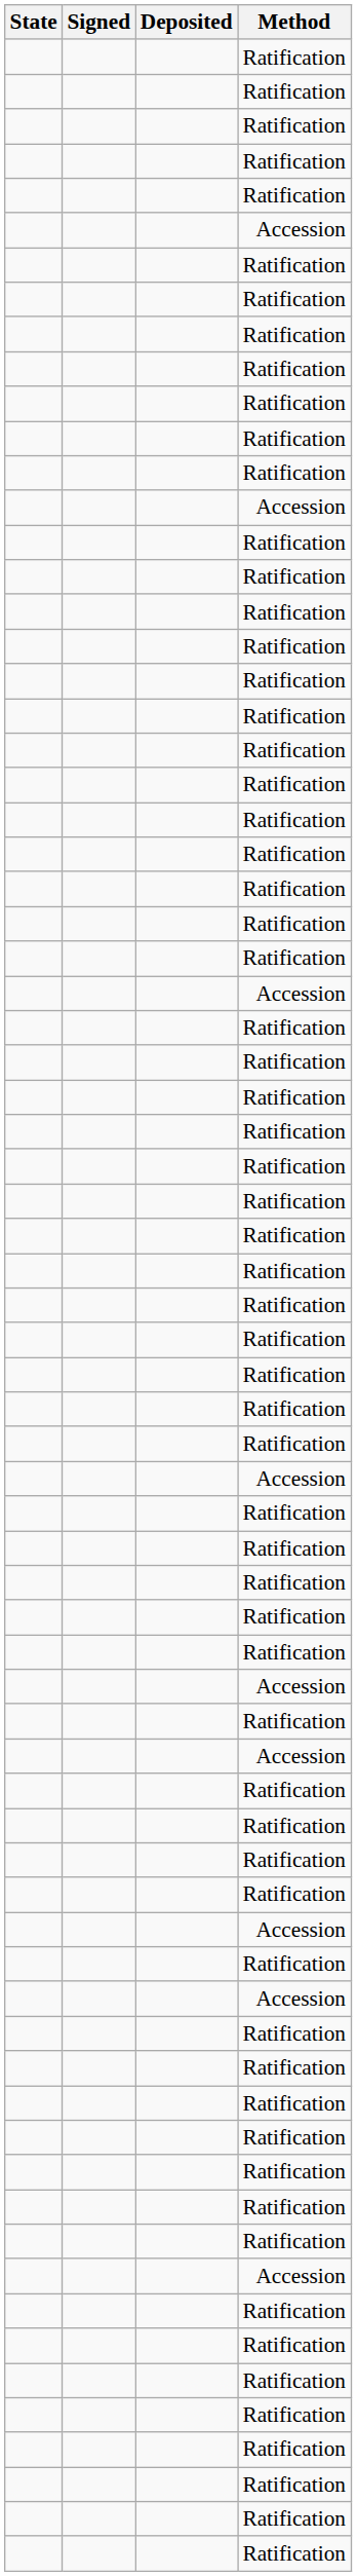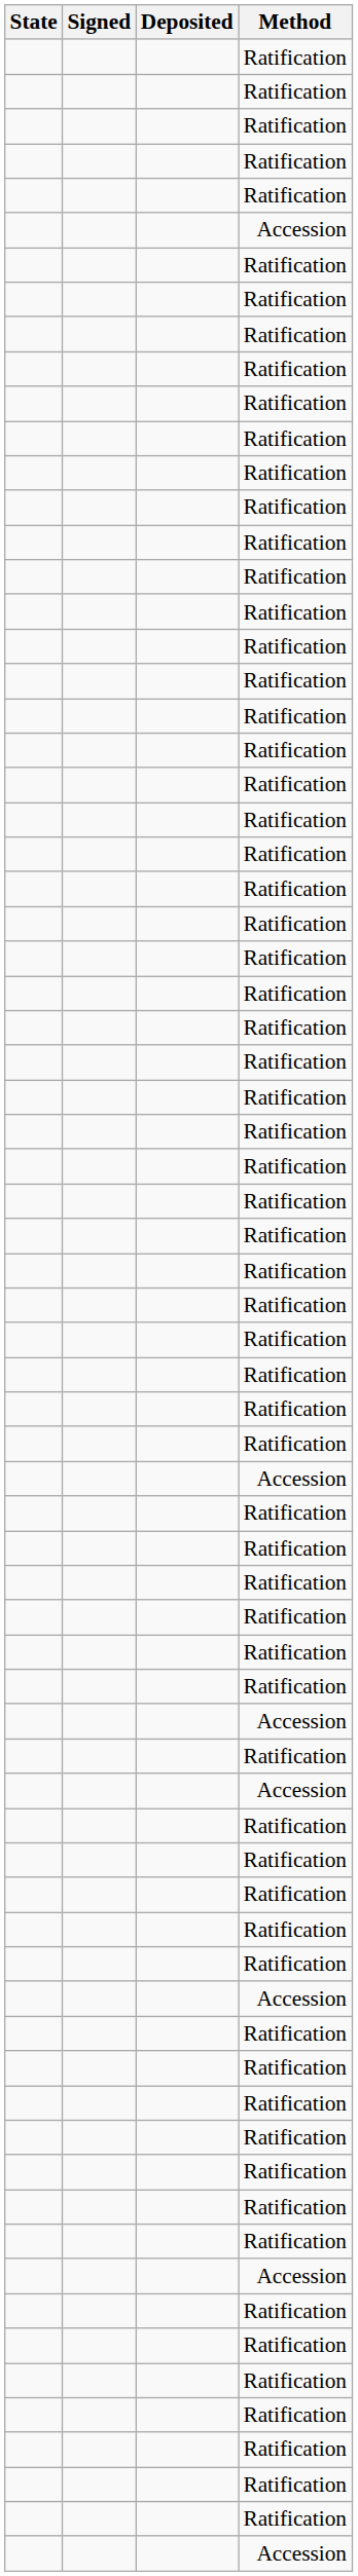 <table class="wikitable sortable" style="text-align:right">
 <tr>
 <th>State</th>
 <th>Signed</th>
 <th>Deposited</th>
 <th>Method</th>
+</tr>
+<tr>
+<td style="text-align:left"></td>
+<td></td>
+<td></td>
+<td>Ratification</td>
+</tr>
+<tr>
+<td style="text-align:left"></td>
+<td></td>
+<td></td>
+<td>Ratification</td>
+</tr>
+<tr>
+<td style="text-align:left"></td>
+<td></td>
+<td></td>
+<td>Ratification</td>
+</tr>
+<tr>
+<td style="text-align:left"></td>
+<td></td>
+<td></td>
+<td>Ratification</td>
+</tr>
+<tr>
+<td style="text-align:left"></td>
+<td></td>
+<td></td>
+<td>Ratification</td>
+</tr>
+<tr>
+<td style="text-align:left"></td>
+<td></td>
+<td></td>
+<td>Accession</td>
+</tr>
+<tr>
+<td style="text-align:left"></td>
+<td></td>
+<td></td>
+<td>Ratification</td>
+</tr>
+<tr>
+<td style="text-align:left"></td>
+<td></td>
+<td></td>
+<td>Ratification</td>
+</tr>
+<tr>
+<td style="text-align:left"></td>
+<td></td>
+<td></td>
+<td>Ratification</td>
+</tr>
+<tr>
+<td style="text-align:left"></td>
+<td></td>
+<td></td>
+<td>Ratification</td>
+</tr>
+<tr>
+<td style="text-align:left"></td>
+<td></td>
+<td></td>
+<td>Ratification</td>
+</tr>
+<tr>
+<td style="text-align:left"></td>
+<td></td>
+<td></td>
+<td>Ratification</td>
+</tr>
+<tr>
+<td style="text-align:left"></td>
+<td></td>
+<td></td>
+<td>Ratification</td>
+</tr>
+<tr>
+<td style="text-align:left"></td>
+<td></td>
+<td></td>
+<td>Ratification</td>
+</tr>
+<tr>
+<td style="text-align:left"></td>
+<td></td>
+<td></td>
+<td>Ratification</td>
+</tr>
+<tr>
+<td style="text-align:left"></td>
+<td></td>
+<td></td>
+<td>Ratification</td>
+</tr>
+<tr>
+<td style="text-align:left"></td>
+<td></td>
+<td></td>
+<td>Ratification</td>
+</tr>
+<tr>
+<td style="text-align:left"></td>
+<td></td>
+<td></td>
+<td>Ratification</td>
+</tr>
+<tr>
+<td style="text-align:left"></td>
+<td></td>
+<td></td>
+<td>Ratification</td>
+</tr>
+<tr>
+<td style="text-align:left"></td>
+<td></td>
+<td></td>
+<td>Ratification</td>
+</tr>
+<tr>
+<td style="text-align:left"></td>
+<td></td>
+<td></td>
+<td>Ratification</td>
+</tr>
+<tr>
+<td style="text-align:left"></td>
+<td></td>
+<td></td>
+<td>Ratification</td>
+</tr>
+<tr>
+<td style="text-align:left"></td>
+<td></td>
+<td></td>
+<td>Ratification</td>
+</tr>
+<tr>
+<td style="text-align:left"></td>
+<td></td>
+<td></td>
+<td>Ratification</td>
+</tr>
+<tr>
+<td style="text-align:left"></td>
+<td></td>
+<td></td>
+<td>Ratification</td>
+</tr>
+<tr>
+<td style="text-align:left"></td>
+<td></td>
+<td></td>
+<td>Ratification</td>
+</tr>
+<tr>
+<td style="text-align:left"></td>
+<td></td>
+<td></td>
+<td>Ratification</td>
+</tr>
+<tr>
+<td style="text-align:left"></td>
+<td></td>
+<td></td>
+<td>Ratification</td>
+</tr>
+<tr>
+<td style="text-align:left"></td>
+<td></td>
+<td></td>
+<td>Ratification</td>
+</tr>
+<tr>
+<td style="text-align:left"></td>
+<td></td>
+<td></td>
+<td>Ratification</td>
+</tr>
+<tr>
+<td style="text-align:left"></td>
+<td></td>
+<td></td>
+<td>Ratification</td>
+</tr>
+<tr>
+<td style="text-align:left"></td>
+<td></td>
+<td></td>
+<td>Ratification</td>
+</tr>
+<tr>
+<td style="text-align:left"></td>
+<td></td>
+<td></td>
+<td>Ratification</td>
+</tr>
+<tr>
+<td style="text-align:left"></td>
+<td></td>
+<td></td>
+<td>Ratification</td>
+</tr>
+<tr>
+<td style="text-align:left"></td>
+<td></td>
+<td></td>
+<td>Ratification</td>
+</tr>
+<tr>
+<td style="text-align:left"></td>
+<td></td>
+<td></td>
+<td>Ratification</td>
+</tr>
+<tr>
+<td style="text-align:left"></td>
+<td></td>
+<td></td>
+<td>Ratification</td>
+</tr>
+<tr>
+<td style="text-align:left"></td>
+<td></td>
+<td></td>
+<td>Ratification</td>
+</tr>
+<tr>
+<td style="text-align:left"></td>
+<td></td>
+<td></td>
+<td>Ratification</td>
+</tr>
+<tr>
+<td style="text-align:left"></td>
+<td></td>
+<td></td>
+<td>Ratification</td>
+</tr>
+<tr>
+<td style="text-align:left"></td>
+<td></td>
+<td></td>
+<td>Ratification</td>
+</tr>
+<tr>
+<td style="text-align:left"></td>
+<td></td>
+<td></td>
+<td>Accession</td>
+</tr>
+<tr>
+<td style="text-align:left"></td>
+<td></td>
+<td></td>
+<td>Ratification</td>
+</tr>
+<tr>
+<td style="text-align:left"></td>
+<td></td>
+<td></td>
+<td>Ratification</td>
+</tr>
+<tr>
+<td style="text-align:left"></td>
+<td></td>
+<td></td>
+<td>Ratification</td>
+</tr>
+<tr>
+<td style="text-align:left"></td>
+<td></td>
+<td></td>
+<td>Ratification</td>
+</tr>
+<tr>
+<td style="text-align:left"></td>
+<td></td>
+<td></td>
+<td>Ratification</td>
+</tr>
+<tr>
+<td style="text-align:left"></td>
+<td></td>
+<td></td>
+<td>Ratification</td>
+</tr>
+<tr>
+<td style="text-align:left"></td>
+<td></td>
+<td></td>
+<td>Accession</td>
+</tr>
+<tr>
+<td style="text-align:left"></td>
+<td></td>
+<td></td>
+<td>Ratification</td>
+</tr>
+<tr>
+<td style="text-align:left"></td>
+<td></td>
+<td></td>
+<td>Accession</td>
 </tr>
 <tr>
 <td style="text-align:left"></td>
 <td></td>
 <td></td>
 <td>Ratification</td>
 </tr>
 <tr>
 <td style="text-align:left"></td>
 <td></td>
 <td></td>
 <td>Ratification</td>
 </tr>
 <tr>
 <td style="text-align:left"></td>
 <td></td>
 <td></td>
 <td>Ratification</td>
 </tr>
 <tr>
 <td style="text-align:left"></td>
 <td></td>
 <td></td>
 <td>Ratification</td>
 </tr>
 <tr>
 <td style="text-align:left"></td>
 <td></td>
 <td></td>
 <td>Ratification</td>
 </tr>
 <tr>
 <td style="text-align:left"></td>
 <td></td>
 <td></td>
 <td>Accession</td>
 </tr>
 <tr>
 <td style="text-align:left"></td>
 <td></td>
 <td></td>
 <td>Ratification</td>
 </tr>
 <tr>
 <td style="text-align:left"></td>
 <td></td>
 <td></td>
 <td>Ratification</td>
 </tr>
 <tr>
 <td style="text-align:left"></td>
 <td></td>
 <td></td>
 <td>Ratification</td>
 </tr>
 <tr>
 <td style="text-align:left"></td>
 <td></td>
 <td></td>
 <td>Ratification</td>
 </tr>
 <tr>
 <td style="text-align:left"></td>
 <td></td>
 <td></td>
 <td>Ratification</td>
 </tr>
 <tr>
 <td style="text-align:left"></td>
 <td></td>
 <td></td>
 <td>Ratification</td>
 </tr>
 <tr>
 <td style="text-align:left"></td>
 <td></td>
 <td></td>
 <td>Ratification</td>
 </tr>
 <tr>
 <td style="text-align:left"></td>
 <td></td>
 <td></td>
 <td>Accession</td>
 </tr>
 <tr>
 <td style="text-align:left"></td>
 <td></td>
 <td></td>
 <td>Ratification</td>
 </tr>
 <tr>
 <td style="text-align:left"></td>
 <td></td>
 <td></td>
 <td>Ratification</td>
 </tr>
 <tr>
 <td style="text-align:left"></td>
 <td></td>
 <td></td>
 <td>Ratification</td>
 </tr>
 <tr>
 <td style="text-align:left"></td>
 <td></td>
 <td></td>
 <td>Ratification</td>
 </tr>
 <tr>
 <td style="text-align:left"></td>
 <td></td>
 <td></td>
 <td>Ratification</td>
 </tr>
 <tr>
 <td style="text-align:left"></td>
 <td></td>
 <td></td>
 <td>Ratification</td>
 </tr>
 <tr>
 <td style="text-align:left"></td>
 <td></td>
 <td></td>
 <td>Ratification</td>
 </tr>
 <tr>
 <td style="text-align:left"></td>
 <td></td>
 <td></td>
-<td>Ratification</td>
-</tr>
-<tr>
-<td style="text-align:left"></td>
-<td></td>
-<td></td>
-<td>Ratification</td>
-</tr>
-<tr>
-<td style="text-align:left"></td>
-<td></td>
-<td></td>
-<td>Ratification</td>
-</tr>
-<tr>
-<td style="text-align:left"></td>
-<td></td>
-<td></td>
-<td>Ratification</td>
-</tr>
-<tr>
-<td style="text-align:left"></td>
-<td></td>
-<td></td>
-<td>Ratification</td>
-</tr>
-<tr>
-<td style="text-align:left"></td>
-<td></td>
-<td></td>
-<td>Ratification</td>
-</tr>
-<tr>
-<td style="text-align:left"></td>
-<td></td>
-<td></td>
 <td>Accession</td>
 </tr>
-<tr>
-<td style="text-align:left"></td>
-<td></td>
-<td></td>
-<td>Ratification</td>
-</tr>
-<tr>
-<td style="text-align:left"></td>
-<td></td>
-<td></td>
-<td>Ratification</td>
-</tr>
-<tr>
-<td style="text-align:left"></td>
-<td></td>
-<td></td>
-<td>Ratification</td>
-</tr>
-<tr>
-<td style="text-align:left"></td>
-<td></td>
-<td></td>
-<td>Ratification</td>
-</tr>
-<tr>
-<td style="text-align:left"></td>
-<td></td>
-<td></td>
-<td>Ratification</td>
-</tr>
-<tr>
-<td style="text-align:left"></td>
-<td></td>
-<td></td>
-<td>Ratification</td>
-</tr>
-<tr>
-<td style="text-align:left"></td>
-<td></td>
-<td></td>
-<td>Ratification</td>
-</tr>
-<tr>
-<td style="text-align:left"></td>
-<td></td>
-<td></td>
-<td>Ratification</td>
-</tr>
-<tr>
-<td style="text-align:left"></td>
-<td></td>
-<td></td>
-<td>Ratification</td>
-</tr>
-<tr>
-<td style="text-align:left"></td>
-<td></td>
-<td></td>
-<td>Ratification</td>
-</tr>
-<tr>
-<td style="text-align:left"></td>
-<td></td>
-<td></td>
-<td>Ratification</td>
-</tr>
-<tr>
-<td style="text-align:left"></td>
-<td></td>
-<td></td>
-<td>Ratification</td>
-</tr>
-<tr>
-<td style="text-align:left"></td>
-<td></td>
-<td></td>
-<td>Ratification</td>
-</tr>
-<tr>
-<td style="text-align:left"></td>
-<td></td>
-<td></td>
-<td>Accession</td>
-</tr>
-<tr>
-<td style="text-align:left"></td>
-<td></td>
-<td></td>
-<td>Ratification</td>
-</tr>
-<tr>
-<td style="text-align:left"></td>
-<td></td>
-<td></td>
-<td>Ratification</td>
-</tr>
-<tr>
-<td style="text-align:left"></td>
-<td></td>
-<td></td>
-<td>Ratification</td>
-</tr>
-<tr>
-<td style="text-align:left"></td>
-<td></td>
-<td></td>
-<td>Ratification</td>
-</tr>
-<tr>
-<td style="text-align:left"></td>
-<td></td>
-<td></td>
-<td>Ratification</td>
-</tr>
-<tr>
-<td style="text-align:left"></td>
-<td></td>
-<td></td>
-<td>Accession</td>
-</tr>
-<tr>
-<td style="text-align:left"></td>
-<td></td>
-<td></td>
-<td>Ratification</td>
-</tr>
-<tr>
-<td style="text-align:left"></td>
-<td></td>
-<td></td>
-<td>Accession</td>
-</tr>
-<tr>
-<td style="text-align:left"></td>
-<td></td>
-<td></td>
-<td>Ratification</td>
-</tr>
-<tr>
-<td style="text-align:left"></td>
-<td></td>
-<td></td>
-<td>Ratification</td>
-</tr>
-<tr>
-<td style="text-align:left"></td>
-<td></td>
-<td></td>
-<td>Ratification</td>
-</tr>
-<tr>
-<td style="text-align:left"></td>
-<td></td>
-<td></td>
-<td>Ratification</td>
-</tr>
-<tr>
-<td style="text-align:left"></td>
-<td></td>
-<td></td>
-<td>Accession</td>
-</tr>
-<tr>
-<td style="text-align:left"></td>
-<td></td>
-<td></td>
-<td>Ratification</td>
-</tr>
-<tr>
-<td style="text-align:left"></td>
-<td></td>
-<td></td>
-<td>Accession</td>
-</tr>
-<tr>
-<td style="text-align:left"></td>
-<td></td>
-<td></td>
-<td>Ratification</td>
-</tr>
-<tr>
-<td style="text-align:left"></td>
-<td></td>
-<td></td>
-<td>Ratification</td>
-</tr>
-<tr>
-<td style="text-align:left"></td>
-<td></td>
-<td></td>
-<td>Ratification</td>
-</tr>
-<tr>
-<td style="text-align:left"></td>
-<td></td>
-<td></td>
-<td>Ratification</td>
-</tr>
-<tr>
-<td style="text-align:left"></td>
-<td></td>
-<td></td>
-<td>Ratification</td>
-</tr>
-<tr>
-<td style="text-align:left"></td>
-<td></td>
-<td></td>
-<td>Ratification</td>
-</tr>
-<tr>
-<td style="text-align:left"></td>
-<td></td>
-<td></td>
-<td>Ratification</td>
-</tr>
-<tr>
-<td style="text-align:left"></td>
-<td></td>
-<td></td>
-<td>Accession</td>
-</tr>
-<tr>
-<td style="text-align:left"></td>
-<td></td>
-<td></td>
-<td>Ratification</td>
-</tr>
-<tr>
-<td style="text-align:left"></td>
-<td></td>
-<td></td>
-<td>Ratification</td>
-</tr>
-<tr>
-<td style="text-align:left"></td>
-<td></td>
-<td></td>
-<td>Ratification</td>
-</tr>
-<tr>
-<td style="text-align:left"></td>
-<td></td>
-<td></td>
-<td>Ratification</td>
-</tr>
-<tr>
-<td style="text-align:left"></td>
-<td></td>
-<td></td>
-<td>Ratification</td>
-</tr>
-<tr>
-<td style="text-align:left"></td>
-<td></td>
-<td></td>
-<td>Ratification</td>
-</tr>
-<tr>
-<td style="text-align:left"></td>
-<td></td>
-<td></td>
-<td>Ratification</td>
-</tr>
-<tr>
-<td style="text-align:left"></td>
-<td></td>
-<td></td>
-<td>Ratification</td>
-</tr>
 </table>
